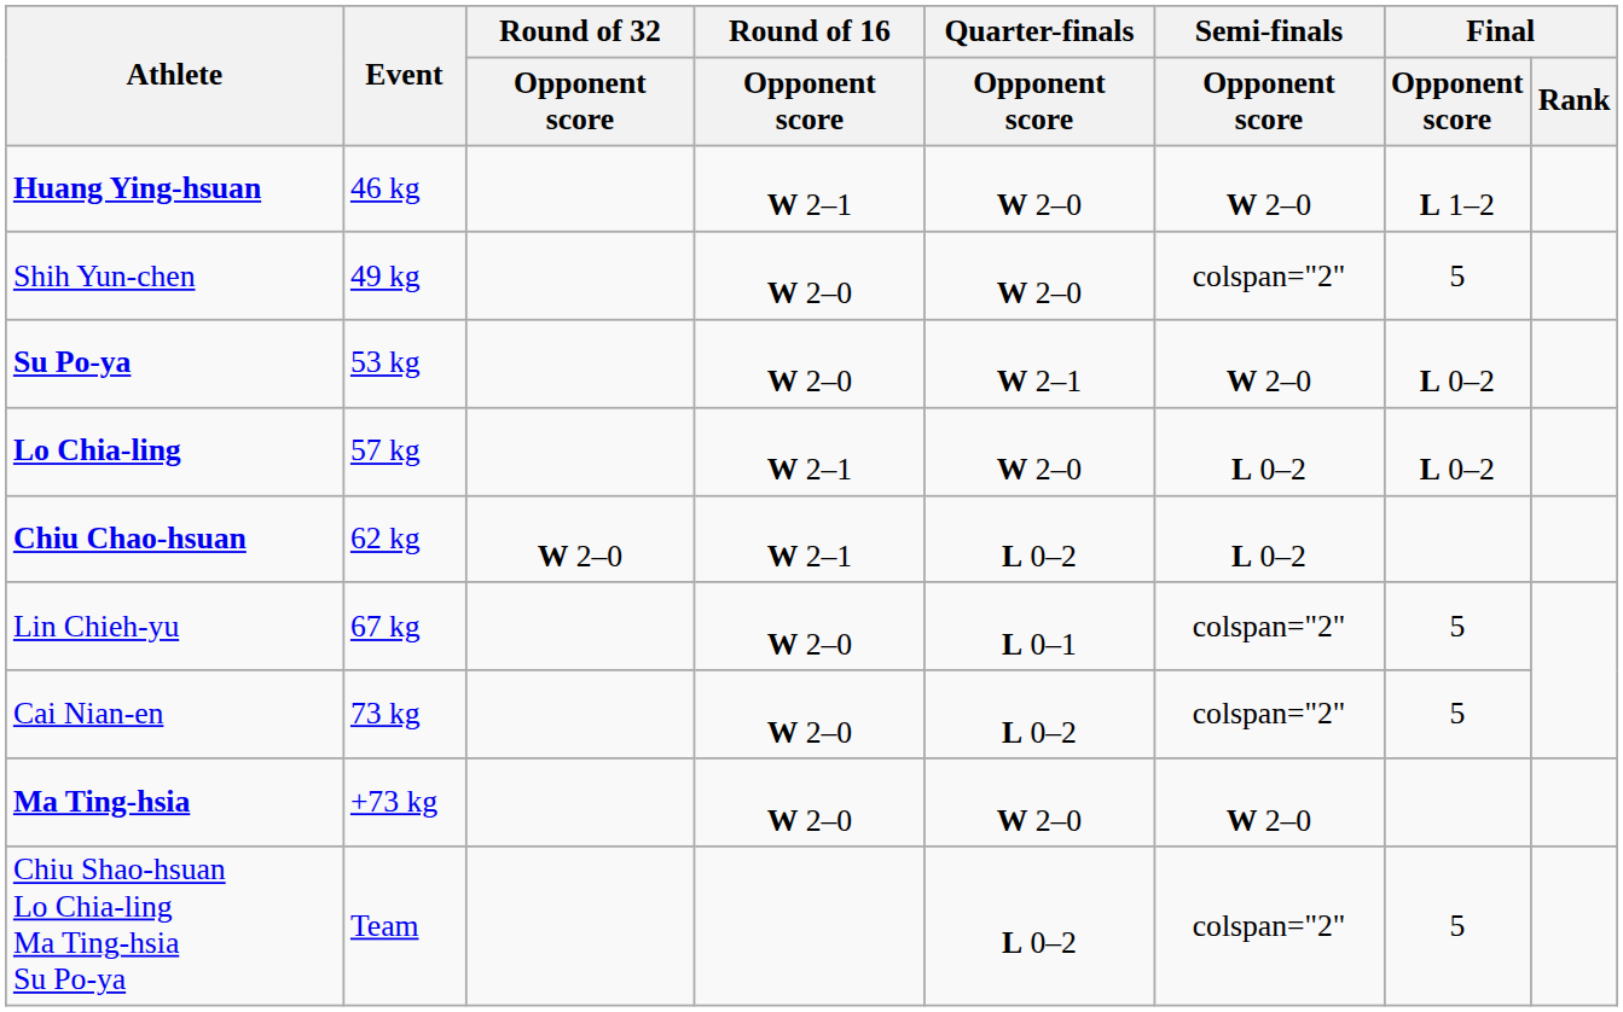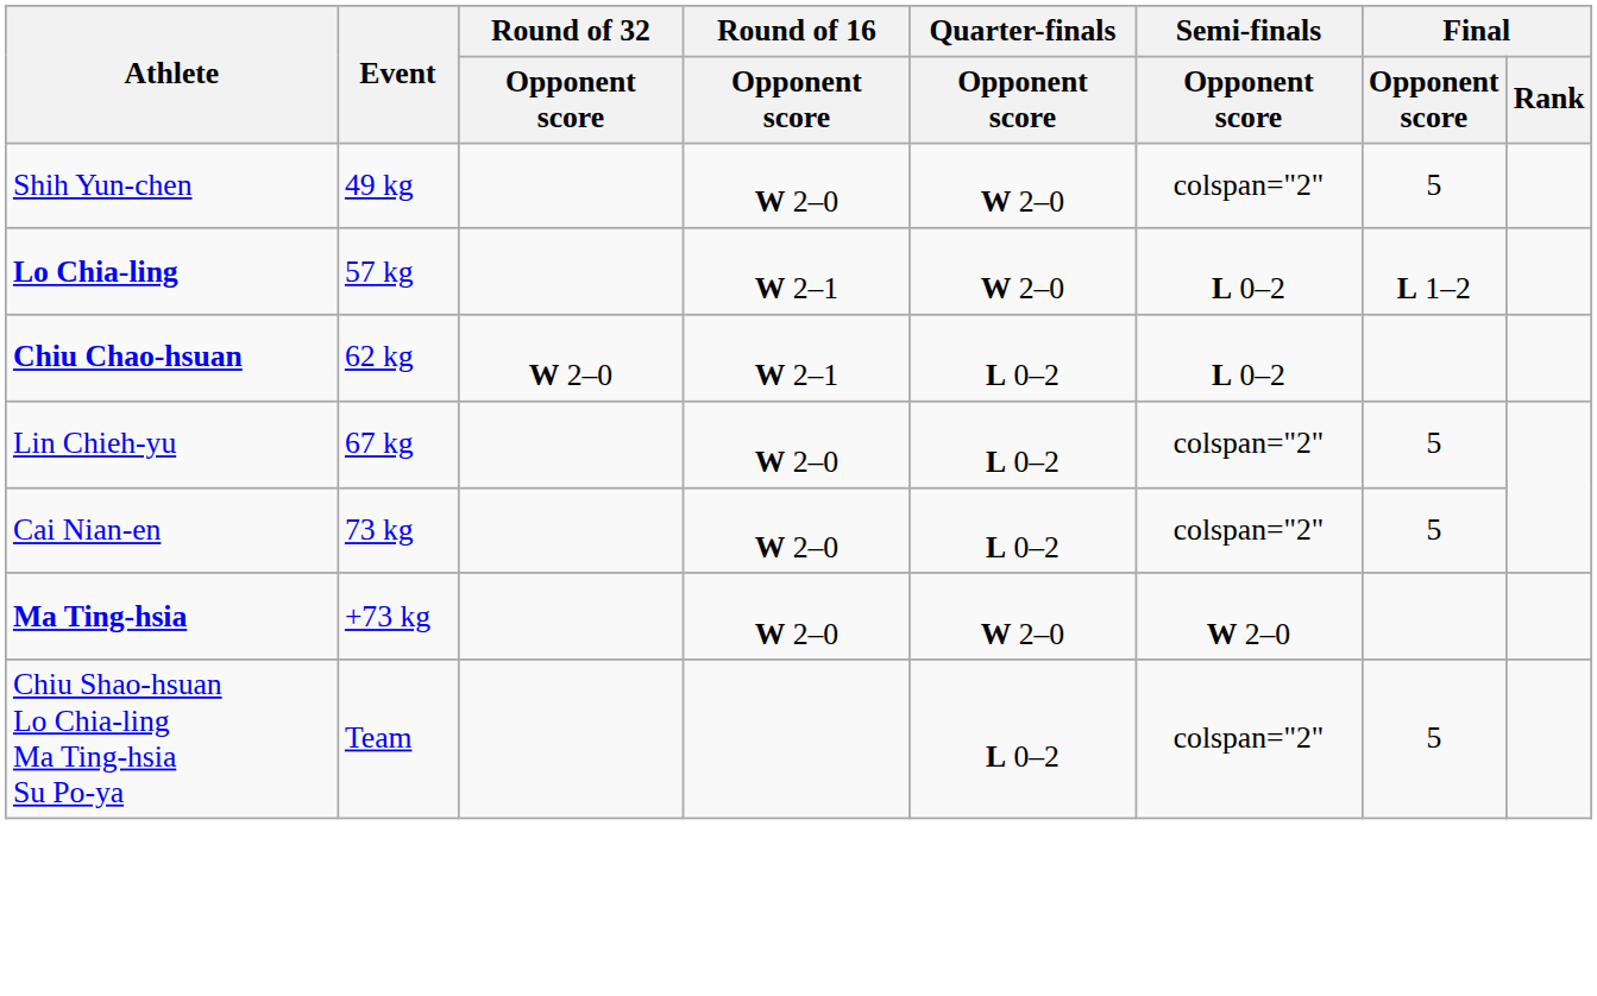 <table class="wikitable" style="font-size:90%; text-align:center">
 <tr>
 <th rowspan="2" width="150">Athlete</th>
 <th rowspan="2" width="50">Event</th>
 <th width="100">Round of 32</th>
 <th width="100">Round of 16</th>
 <th width="100">Quarter-finals</th>
 <th width="100">Semi-finals</th>
 <th colspan="2" width="100">Final</th>
 </tr>
 <tr>
 <th>Opponent<br>score</th>
 <th>Opponent<br>score</th>
 <th>Opponent<br>score</th>
 <th>Opponent<br>score</th>
 <th>Opponent<br>score</th>
 <th>Rank</th>
 </tr>
 <tr>
-<td align="left"><strong><a href='#'>Huang Ying-hsuan</a></strong></td>
-<td align="left"><a href='#'>46 kg</a></td>
-<td></td>
-<td><br><strong>W</strong> 2–1</td>
-<td><br><strong>W</strong> 2–0</td>
-<td><br><strong>W</strong> 2–0</td>
-<td><br><strong>L</strong> 1–2</td>
-<td></td>
-</tr>
-<tr>
 <td align="left"><a href='#'>Shih Yun-chen</a></td>
 <td align="left"><a href='#'>49 kg</a></td>
 <td></td>
 <td><br><strong>W</strong> 2–0</td>
 <td><br><strong>W</strong> 2–0</td>
 <td>colspan="2" </td>
 <td>5</td>
 </tr>
 <tr>
-<td align="left"><strong><a href='#'>Su Po-ya</a></strong></td>
-<td align="left"><a href='#'>53 kg</a></td>
-<td></td>
-<td><br><strong>W</strong> 2–0</td>
-<td><br><strong>W</strong> 2–1</td>
-<td><br><strong>W</strong> 2–0</td>
-<td><br><strong>L</strong> 0–2</td>
-<td></td>
-</tr>
-<tr>
 <td align="left"><strong><a href='#'>Lo Chia-ling</a></strong></td>
 <td align="left"><a href='#'>57 kg</a></td>
 <td></td>
 <td><br><strong>W</strong> 2–1</td>
 <td><br><strong>W</strong> 2–0</td>
 <td><br><strong>L</strong> 0–2</td>
-<td><br><strong>L</strong> 0–2</td>
+<td><br><strong>L</strong> 1–2</td>
 <td></td>
 </tr>
 <tr>
 <td align="left"><strong><a href='#'>Chiu Chao-hsuan</a></strong></td>
 <td align="left"><a href='#'>62 kg</a></td>
 <td><br><strong>W</strong> 2–0</td>
 <td><br><strong>W</strong> 2–1</td>
 <td><br><strong>L</strong> 0–2</td>
 <td><br><strong>L</strong> 0–2</td>
 <td></td>
 <td></td>
 </tr>
 <tr>
 <td align="left"><a href='#'>Lin Chieh-yu</a></td>
 <td align="left"><a href='#'>67 kg</a></td>
 <td></td>
 <td><br><strong>W</strong> 2–0</td>
-<td><br><strong>L</strong> 0–1</td>
+<td><br><strong>L</strong> 0–2</td>
 <td>colspan="2" </td>
 <td>5</td>
 </tr>
 <tr>
 <td align="left"><a href='#'>Cai Nian-en</a></td>
 <td align="left"><a href='#'>73 kg</a></td>
 <td></td>
 <td><br><strong>W</strong> 2–0</td>
 <td><br><strong>L</strong> 0–2</td>
 <td>colspan="2" </td>
 <td>5</td>
 </tr>
 <tr>
 <td align="left"><strong><a href='#'>Ma Ting-hsia</a></strong></td>
 <td align="left"><a href='#'>+73 kg</a></td>
 <td></td>
 <td><br><strong>W</strong> 2–0</td>
 <td><br><strong>W</strong> 2–0</td>
 <td><br><strong>W</strong> 2–0</td>
 <td></td>
 <td></td>
 </tr>
 <tr>
 <td align="left"><a href='#'>Chiu Shao-hsuan</a><br><a href='#'>Lo Chia-ling</a><br><a href='#'>Ma Ting-hsia</a><br><a href='#'>Su Po-ya</a></td>
 <td align="left"><a href='#'>Team</a></td>
 <td></td>
 <td></td>
 <td><br><strong>L</strong> 0–2</td>
 <td>colspan="2" </td>
 <td>5</td>
 </tr>
 </table>
